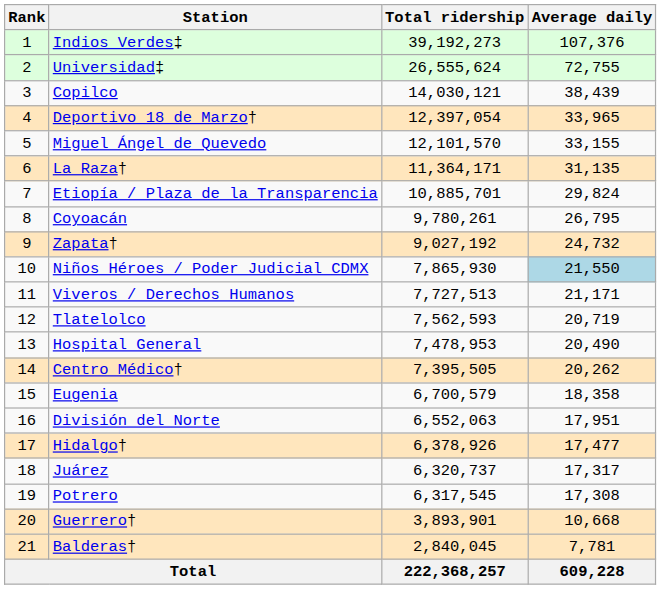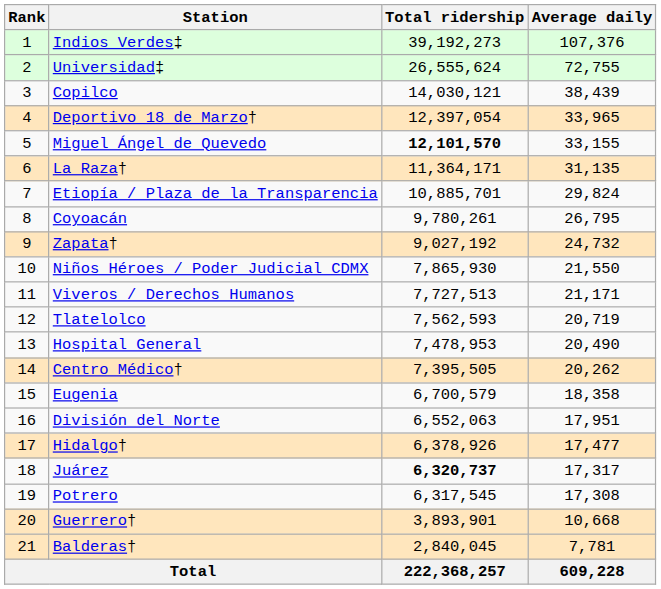 <table class=wikitable style="text-align:center">
 <tr>
 <th>Rank</th>
 <th>Station</th>
 <th>Total ridership</th>
 <th>Average daily</th>
 </tr>
 <tr style="background-color:#DDFFDD">
 <td>1</td>
 <td align=left><a href='#'>Indios Verdes</a>‡</td>
 <td>39,192,273</td>
 <td>107,376</td>
 </tr>
 <tr style="background-color:#DDFFDD">
 <td>2</td>
 <td align=left><a href='#'>Universidad</a>‡</td>
 <td>26,555,624</td>
 <td>72,755</td>
 </tr>
 <tr>
 <td>3</td>
 <td align=left><a href='#'>Copilco</a></td>
 <td>14,030,121</td>
 <td>38,439</td>
 </tr>
 <tr style="background-color:#FFE6BD">
 <td>4</td>
 <td align=left><a href='#'>Deportivo 18 de Marzo</a>†</td>
 <td>12,397,054</td>
 <td>33,965</td>
 </tr>
 <tr>
 <td>5</td>
 <td align=left><a href='#'>Miguel Ángel de Quevedo</a></td>
-<td>12,101,570</td>
+<td><strong>12,101,570</strong></td>
 <td>33,155</td>
 </tr>
 <tr style="background-color:#FFE6BD">
 <td>6</td>
 <td align=left><a href='#'>La Raza</a>†</td>
 <td>11,364,171</td>
 <td>31,135</td>
 </tr>
 <tr>
 <td>7</td>
 <td align=left><a href='#'>Etiopía / Plaza de la Transparencia</a></td>
 <td>10,885,701</td>
 <td>29,824</td>
 </tr>
 <tr>
 <td>8</td>
 <td align=left><a href='#'>Coyoacán</a></td>
 <td>9,780,261</td>
 <td>26,795</td>
 </tr>
 <tr style="background-color:#FFE6BD">
 <td>9</td>
 <td align=left><a href='#'>Zapata</a>†</td>
 <td>9,027,192</td>
 <td>24,732</td>
 </tr>
 <tr>
 <td>10</td>
 <td align=left><a href='#'>Niños Héroes / Poder Judicial CDMX</a></td>
 <td>7,865,930</td>
-<td style="background: lightblue;">21,550</td>
+<td>21,550</td>
 </tr>
 <tr>
 <td>11</td>
 <td align=left><a href='#'>Viveros / Derechos Humanos</a></td>
 <td>7,727,513</td>
 <td>21,171</td>
 </tr>
 <tr>
 <td>12</td>
 <td align=left><a href='#'>Tlatelolco</a></td>
 <td>7,562,593</td>
 <td>20,719</td>
 </tr>
 <tr>
 <td>13</td>
 <td align=left><a href='#'>Hospital General</a></td>
 <td>7,478,953</td>
 <td>20,490</td>
 </tr>
 <tr style="background-color:#FFE6BD">
 <td>14</td>
 <td align=left><a href='#'>Centro Médico</a>†</td>
 <td>7,395,505</td>
 <td>20,262</td>
 </tr>
 <tr>
 <td>15</td>
 <td align=left><a href='#'>Eugenia</a></td>
 <td>6,700,579</td>
 <td>18,358</td>
 </tr>
 <tr>
 <td>16</td>
 <td align=left><a href='#'>División del Norte</a></td>
 <td>6,552,063</td>
 <td>17,951</td>
 </tr>
 <tr style="background-color:#FFE6BD">
 <td>17</td>
 <td align=left><a href='#'>Hidalgo</a>†</td>
 <td>6,378,926</td>
 <td>17,477</td>
 </tr>
 <tr>
 <td>18</td>
 <td align=left><a href='#'>Juárez</a></td>
-<td>6,320,737</td>
+<td><strong>6,320,737</strong></td>
 <td>17,317</td>
 </tr>
 <tr>
 <td>19</td>
 <td align=left><a href='#'>Potrero</a></td>
 <td>6,317,545</td>
 <td>17,308</td>
 </tr>
 <tr style="background-color:#FFE6BD">
 <td>20</td>
 <td align=left><a href='#'>Guerrero</a>†</td>
 <td>3,893,901</td>
 <td>10,668</td>
 </tr>
 <tr style="background-color:#FFE6BD">
 <td>21</td>
 <td align=left><a href='#'>Balderas</a>†</td>
 <td>2,840,045</td>
 <td>7,781</td>
 </tr>
 <tr>
 <th colspan=2>Total</th>
 <th>222,368,257</th>
 <th>609,228</th>
 </tr>
 </table>
